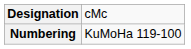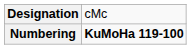 <table class="wikitable">
 <tr>
 <th>Designation</th>
 <td>cMc</td>
 </tr>
 <tr>
 <th>Numbering</th>
-<td>KuMoHa 119-100</td>
+<td><strong>KuMoHa 119-100</strong></td>
 </tr>
 </table>
